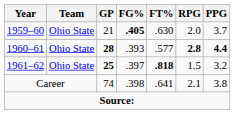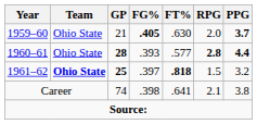 <table class="wikitable sortable" style="font-size:95%; text-align:right;">
 <tr>
 <th>Year</th>
 <th>Team</th>
 <th>GP</th>
 <th>FG%</th>
 <th>FT%</th>
 <th>RPG</th>
 <th>PPG</th>
 </tr>
 <tr>
 <td style="text-align:left;"><a href='#'>1959–60</a></td>
 <td style="text-align:left;"><a href='#'>Ohio State</a></td>
 <td>21</td>
 <td><strong>.405</strong></td>
 <td>.630</td>
 <td>2.0</td>
-<td>3.7</td>
+<td><strong>3.7</strong></td>
 </tr>
 <tr>
 <td style="text-align:left;"><a href='#'>1960–61</a></td>
 <td style="text-align:left;"><a href='#'>Ohio State</a></td>
 <td><strong>28</strong></td>
 <td>.393</td>
 <td>.577</td>
 <td><strong>2.8</strong></td>
 <td><strong>4.4</strong></td>
 </tr>
 <tr>
 <td style="text-align:left;"><a href='#'>1961–62</a></td>
-<td style="text-align:left;"><a href='#'>Ohio State</a></td>
+<td style="text-align:left;"><strong><a href='#'>Ohio State</a></strong></td>
 <td><strong>25</strong></td>
 <td>.397</td>
 <td><strong>.818</strong></td>
 <td>1.5</td>
 <td>3.2</td>
 </tr>
 <tr>
 <td colspan="2" style="text-align:center;">Career</td>
 <td>74</td>
 <td>.398</td>
 <td>.641</td>
 <td>2.1</td>
 <td>3.8</td>
 </tr>
 <tr>
 <td colspan="7" style="text-align: center;"><strong>Source:</strong></td>
 </tr>
 </table>
